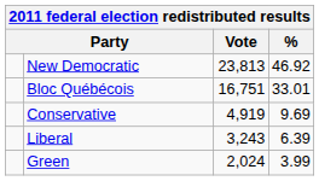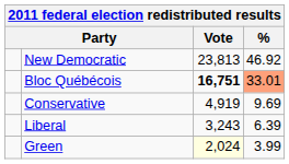 <table class="wikitable">
 <tr>
 <th colspan="4"><a href='#'>2011 federal election</a> redistributed results</th>
 </tr>
 <tr>
 <th bgcolor="#DDDDFF" width="130px" colspan="2">Party</th>
 <th bgcolor="#DDDDFF" width="50px">Vote</th>
 <th bgcolor="#DDDDFF" width="30px">%</th>
 </tr>
 <tr>
 <td> </td>
 <td><a href='#'>New Democratic</a></td>
 <td align=right>23,813</td>
 <td align=right>46.92</td>
 </tr>
 <tr>
 <td> </td>
 <td><a href='#'>Bloc Québécois</a></td>
-<td align=right>16,751</td>
-<td align=right>33.01</td>
+<td align=right><strong>16,751</strong></td>
+<td align=right style="background: lightsalmon;">33.01</td>
 </tr>
 <tr>
 <td> </td>
 <td><a href='#'>Conservative</a></td>
 <td align=right>4,919</td>
 <td align=right>9.69</td>
 </tr>
 <tr>
 <td> </td>
 <td><a href='#'>Liberal</a></td>
 <td align=right>3,243</td>
 <td align=right>6.39</td>
 </tr>
 <tr>
 <td> </td>
 <td><a href='#'>Green</a></td>
-<td align=right>2,024</td>
+<td align=right style="background: lightyellow;">2,024</td>
 <td align=right>3.99</td>
 </tr>
 </table>
